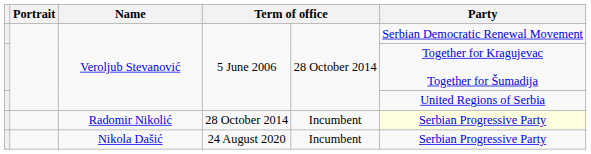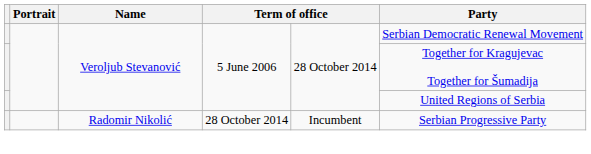 <table class="wikitable" style="text-align:center">
 <tr>
 <th></th>
 <th>Portrait</th>
 <th width=180>Name<br></th>
 <th colspan=2>Term of office</th>
 <th>Party</th>
 </tr>
 <tr>
 <th style="background:"></th>
 <td rowspan=3></td>
 <td rowspan=3><a href='#'>Veroljub Stevanović</a><br></td>
 <td rowspan=3>5 June 2006</td>
 <td rowspan=3>28 October 2014</td>
 <td><a href='#'>Serbian Democratic Renewal Movement</a><br></td>
 </tr>
 <tr>
 <th style="background:"></th>
 <td><a href='#'>Together for Kragujevac<br><br>Together for Šumadija</a><br></td>
 </tr>
 <tr>
 <th style="background:"></th>
 <td><a href='#'>United Regions of Serbia</a><br></td>
 </tr>
 <tr>
 <th style="background:"></th>
 <td></td>
 <td><a href='#'>Radomir Nikolić</a><br></td>
 <td>28 October 2014</td>
 <td>Incumbent</td>
-<td style="background: lightyellow;"><a href='#'>Serbian Progressive Party</a></td>
-</tr>
-<tr>
-<th style="background:"></th>
-<td></td>
-<td><a href='#'>Nikola Dašić</a><br></td>
-<td>24 August 2020</td>
-<td>Incumbent</td>
 <td><a href='#'>Serbian Progressive Party</a></td>
 </tr>
 </table>
